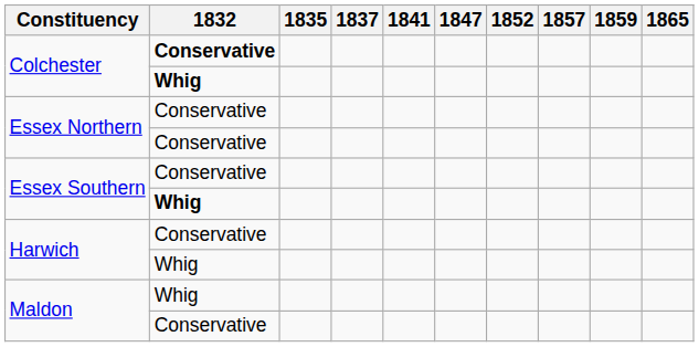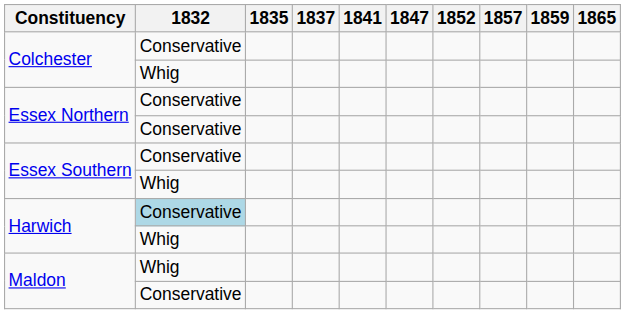 <table class=wikitable sortable>
 <tr>
 <th>Constituency</th>
 <th>1832</th>
 <th>1835</th>
 <th>1837</th>
 <th>1841</th>
 <th>1847</th>
 <th>1852</th>
 <th>1857</th>
 <th>1859</th>
 <th>1865</th>
 </tr>
 <tr>
 <td rowspan=2><a href='#'>Colchester</a></td>
-<td bgcolor=><strong>Conservative</strong></td>
+<td bgcolor=>Conservative</td>
 <td></td>
 <td></td>
 <td></td>
 <td></td>
 <td></td>
 <td></td>
 <td></td>
 <td></td>
 </tr>
 <tr>
-<td bgcolor=><strong>Whig</strong></td>
+<td bgcolor=>Whig</td>
 <td></td>
 <td></td>
 <td></td>
 <td></td>
 <td></td>
 <td></td>
 <td></td>
 <td></td>
 </tr>
 <tr>
 <td rowspan=2><a href='#'>Essex Northern</a></td>
 <td bgcolor=>Conservative</td>
 <td></td>
 <td></td>
 <td></td>
 <td></td>
 <td></td>
 <td></td>
 <td></td>
 <td></td>
 </tr>
 <tr>
 <td bgcolor=>Conservative</td>
 <td></td>
 <td></td>
 <td></td>
 <td></td>
 <td></td>
 <td></td>
 <td></td>
 <td></td>
 </tr>
 <tr>
 <td rowspan=2><a href='#'>Essex Southern</a></td>
 <td bgcolor=>Conservative</td>
 <td></td>
 <td></td>
 <td></td>
 <td></td>
 <td></td>
 <td></td>
 <td></td>
 <td></td>
 </tr>
 <tr>
-<td bgcolor=><strong>Whig</strong></td>
+<td bgcolor=>Whig</td>
 <td></td>
 <td></td>
 <td></td>
 <td></td>
 <td></td>
 <td></td>
 <td></td>
 <td></td>
 </tr>
 <tr>
 <td rowspan="2"><a href='#'>Harwich</a></td>
-<td>Conservative</td>
+<td style="background: lightblue;">Conservative</td>
 <td></td>
 <td></td>
 <td></td>
 <td></td>
 <td></td>
 <td></td>
 <td></td>
 <td></td>
 </tr>
 <tr>
 <td bgcolor=>Whig</td>
 <td></td>
 <td></td>
 <td></td>
 <td></td>
 <td></td>
 <td></td>
 <td></td>
 <td></td>
 </tr>
 <tr>
 <td rowspan=2><a href='#'>Maldon</a></td>
 <td bgcolor=>Whig</td>
 <td></td>
 <td></td>
 <td></td>
 <td></td>
 <td></td>
 <td></td>
 <td></td>
 <td></td>
 </tr>
 <tr>
 <td bgcolor=>Conservative</td>
 <td></td>
 <td></td>
 <td></td>
 <td></td>
 <td></td>
 <td></td>
 <td></td>
 <td></td>
 </tr>
 </table>
